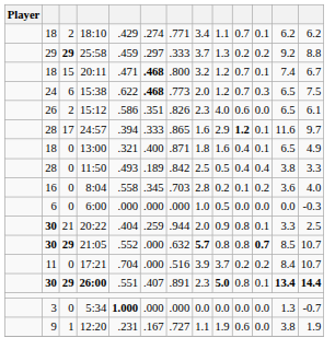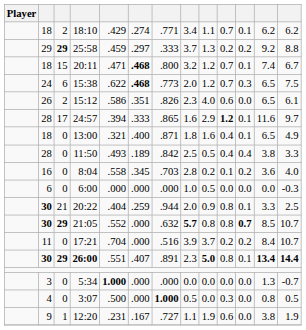 <table class="wikitable sortable" style="font-size:95%; text-align:right;">
 <tr>
 <th>Player</th>
 <th></th>
 <th></th>
 <th></th>
 <th></th>
 <th></th>
 <th></th>
 <th></th>
 <th></th>
 <th></th>
 <th></th>
 <th></th>
 <th></th>
 </tr>
 <tr>
 <td><strong></strong></td>
 <td>18</td>
 <td>2</td>
 <td>18:10</td>
 <td>.429</td>
 <td>.274</td>
 <td>.771</td>
 <td>3.4</td>
 <td>1.1</td>
 <td>0.7</td>
 <td>0.1</td>
 <td>6.2</td>
 <td>6.2</td>
 </tr>
 <tr>
 <td><strong></strong></td>
 <td>29</td>
 <td><strong>29</strong></td>
 <td>25:58</td>
 <td>.459</td>
 <td>.297</td>
 <td>.333</td>
 <td>3.7</td>
 <td>1.3</td>
 <td>0.2</td>
 <td>0.2</td>
 <td>9.2</td>
 <td>8.8</td>
 </tr>
 <tr>
 <td><strong></strong></td>
 <td>18</td>
 <td>15</td>
 <td>20:11</td>
 <td>.471</td>
 <td><strong>.468</strong></td>
 <td>.800</td>
 <td>3.2</td>
 <td>1.2</td>
 <td>0.7</td>
 <td>0.1</td>
 <td>7.4</td>
 <td>6.7</td>
 </tr>
 <tr>
 <td><strong></strong></td>
 <td>24</td>
 <td>6</td>
 <td>15:38</td>
 <td>.622</td>
 <td><strong>.468</strong></td>
 <td>.773</td>
 <td>2.0</td>
 <td>1.2</td>
 <td>0.7</td>
 <td>0.3</td>
 <td>6.5</td>
 <td>7.5</td>
 </tr>
 <tr>
 <td><strong></strong></td>
 <td>26</td>
 <td>2</td>
 <td>15:12</td>
 <td>.586</td>
 <td>.351</td>
 <td>.826</td>
 <td>2.3</td>
 <td>4.0</td>
 <td>0.6</td>
 <td>0.0</td>
 <td>6.5</td>
 <td>6.1</td>
 </tr>
 <tr>
 <td><strong></strong></td>
 <td>28</td>
 <td>17</td>
 <td>24:57</td>
 <td>.394</td>
 <td>.333</td>
 <td>.865</td>
 <td>1.6</td>
 <td>2.9</td>
 <td><strong>1.2</strong></td>
 <td>0.1</td>
 <td>11.6</td>
 <td>9.7</td>
 </tr>
 <tr>
 <td><strong></strong></td>
 <td>18</td>
 <td>0</td>
 <td>13:00</td>
 <td>.321</td>
 <td>.400</td>
 <td>.871</td>
 <td>1.8</td>
 <td>1.6</td>
 <td>0.4</td>
 <td>0.1</td>
 <td>6.5</td>
 <td>4.9</td>
 </tr>
 <tr>
 <td><strong></strong></td>
 <td>28</td>
 <td>0</td>
 <td>11:50</td>
 <td>.493</td>
 <td>.189</td>
 <td>.842</td>
 <td>2.5</td>
 <td>0.5</td>
 <td>0.4</td>
 <td>0.4</td>
 <td>3.8</td>
 <td>3.3</td>
 </tr>
 <tr>
 <td><strong></strong></td>
 <td>16</td>
 <td>0</td>
 <td>8:04</td>
 <td>.558</td>
 <td>.345</td>
 <td>.703</td>
 <td>2.8</td>
 <td>0.2</td>
 <td>0.1</td>
 <td>0.2</td>
 <td>3.6</td>
 <td>4.0</td>
 </tr>
 <tr>
 <td><strong></strong></td>
 <td>6</td>
 <td>0</td>
 <td>6:00</td>
 <td>.000</td>
 <td>.000</td>
 <td>.000</td>
 <td>1.0</td>
 <td>0.5</td>
 <td>0.0</td>
 <td>0.0</td>
 <td>0.0</td>
 <td>-0.3</td>
 </tr>
 <tr>
 <td><strong></strong></td>
 <td><strong>30</strong></td>
 <td>21</td>
 <td>20:22</td>
 <td>.404</td>
 <td>.259</td>
 <td>.944</td>
 <td>2.0</td>
 <td>0.9</td>
 <td>0.8</td>
 <td>0.1</td>
 <td>3.3</td>
 <td>2.5</td>
 </tr>
 <tr>
 <td><strong></strong></td>
 <td><strong>30</strong></td>
 <td><strong>29</strong></td>
 <td>21:05</td>
 <td>.552</td>
 <td>.000</td>
 <td>.632</td>
 <td><strong>5.7</strong></td>
 <td>0.8</td>
 <td>0.8</td>
 <td><strong>0.7</strong></td>
 <td>8.5</td>
 <td>10.7</td>
 </tr>
 <tr>
 <td><strong></strong></td>
 <td>11</td>
 <td>0</td>
 <td>17:21</td>
 <td>.704</td>
 <td>.000</td>
 <td>.516</td>
 <td>3.9</td>
 <td>3.7</td>
 <td>0.2</td>
 <td>0.2</td>
 <td>8.4</td>
 <td>10.7</td>
 </tr>
 <tr>
 <td><strong></strong></td>
 <td><strong>30</strong></td>
 <td><strong>29</strong></td>
 <td><strong>26:00</strong></td>
 <td>.551</td>
 <td>.407</td>
 <td>.891</td>
 <td>2.3</td>
 <td><strong>5.0</strong></td>
 <td>0.8</td>
 <td>0.1</td>
 <td><strong>13.4</strong></td>
 <td><strong>14.4</strong></td>
 </tr>
 <tr>
 <td colspan=13></td>
 </tr>
 <tr>
 <td><em></em></td>
 <td>3</td>
 <td>0</td>
 <td>5:34</td>
 <td><strong>1.000</strong></td>
 <td>.000</td>
 <td>.000</td>
 <td>0.0</td>
 <td>0.0</td>
 <td>0.0</td>
 <td>0.0</td>
 <td>1.3</td>
 <td>-0.7</td>
 </tr>
 <tr>
 <td><em></em></td>
+<td>4</td>
+<td>0</td>
+<td>3:07</td>
+<td>.500</td>
+<td>.000</td>
+<td><strong>1.000</strong></td>
+<td>0.5</td>
+<td>0.0</td>
+<td>0.3</td>
+<td>0.0</td>
+<td>0.8</td>
+<td>0.5</td>
+</tr>
+<tr>
+<td><em></em></td>
 <td>9</td>
 <td>1</td>
 <td>12:20</td>
 <td>.231</td>
 <td>.167</td>
 <td>.727</td>
 <td>1.1</td>
 <td>1.9</td>
 <td>0.6</td>
 <td>0.0</td>
 <td>3.8</td>
 <td>1.9</td>
 </tr>
 <tr>
 </tr>
 </table>
